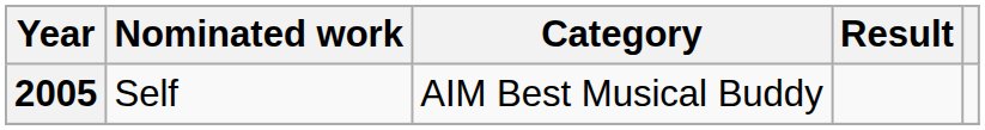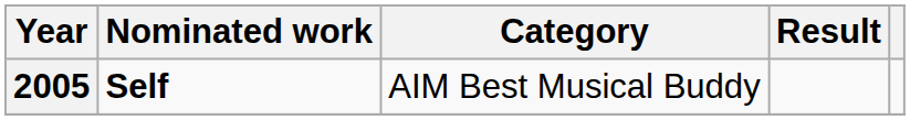 <table class="wikitable plainrowheaders">
 <tr>
 <th>Year</th>
 <th>Nominated work</th>
 <th>Category</th>
 <th>Result</th>
 <th></th>
 </tr>
 <tr>
 <th scope="row">2005</th>
-<td>Self</td>
+<td><strong>Self</strong></td>
 <td>AIM Best Musical Buddy</td>
 <td></td>
 <td align="center"></td>
 </tr>
 <tr>
 </tr>
 </table>
